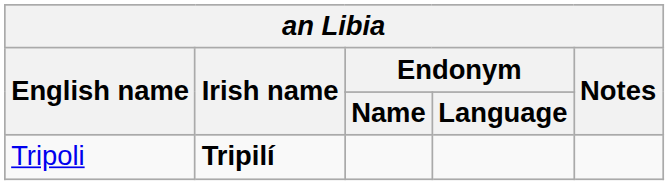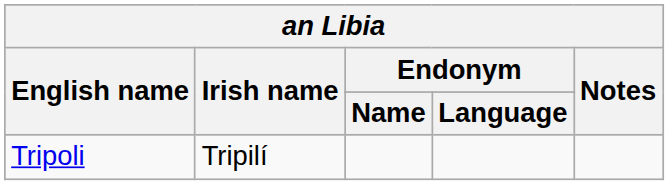 <table class="wikitable sortable">
 <tr>
 <th colspan="5"> <em>an Libia</em></th>
 </tr>
 <tr>
 <th rowspan="2">English name</th>
 <th rowspan="2">Irish name</th>
 <th colspan="2">Endonym</th>
 <th rowspan="2">Notes</th>
 </tr>
 <tr>
 <th>Name</th>
 <th>Language</th>
 </tr>
 <tr>
 <td><a href='#'>Tripoli</a></td>
-<td><strong>Tripilí</strong></td>
+<td>Tripilí</td>
 <td></td>
 <td></td>
 <td></td>
 </tr>
 </table>
